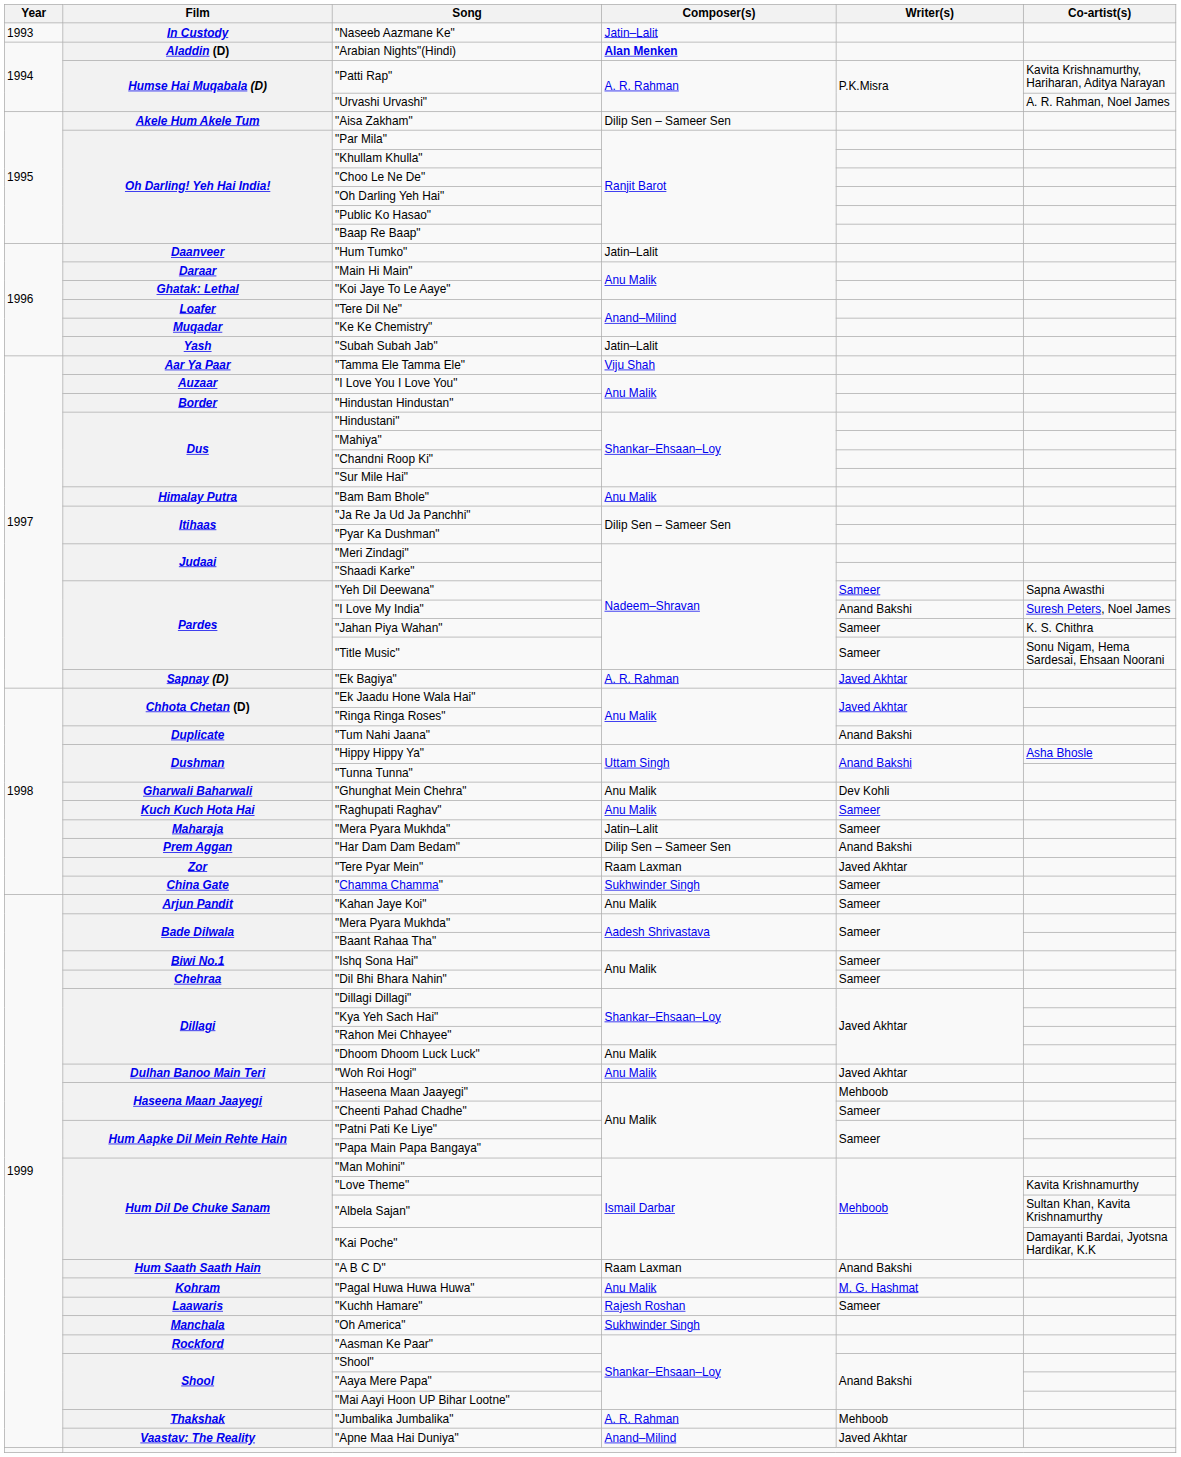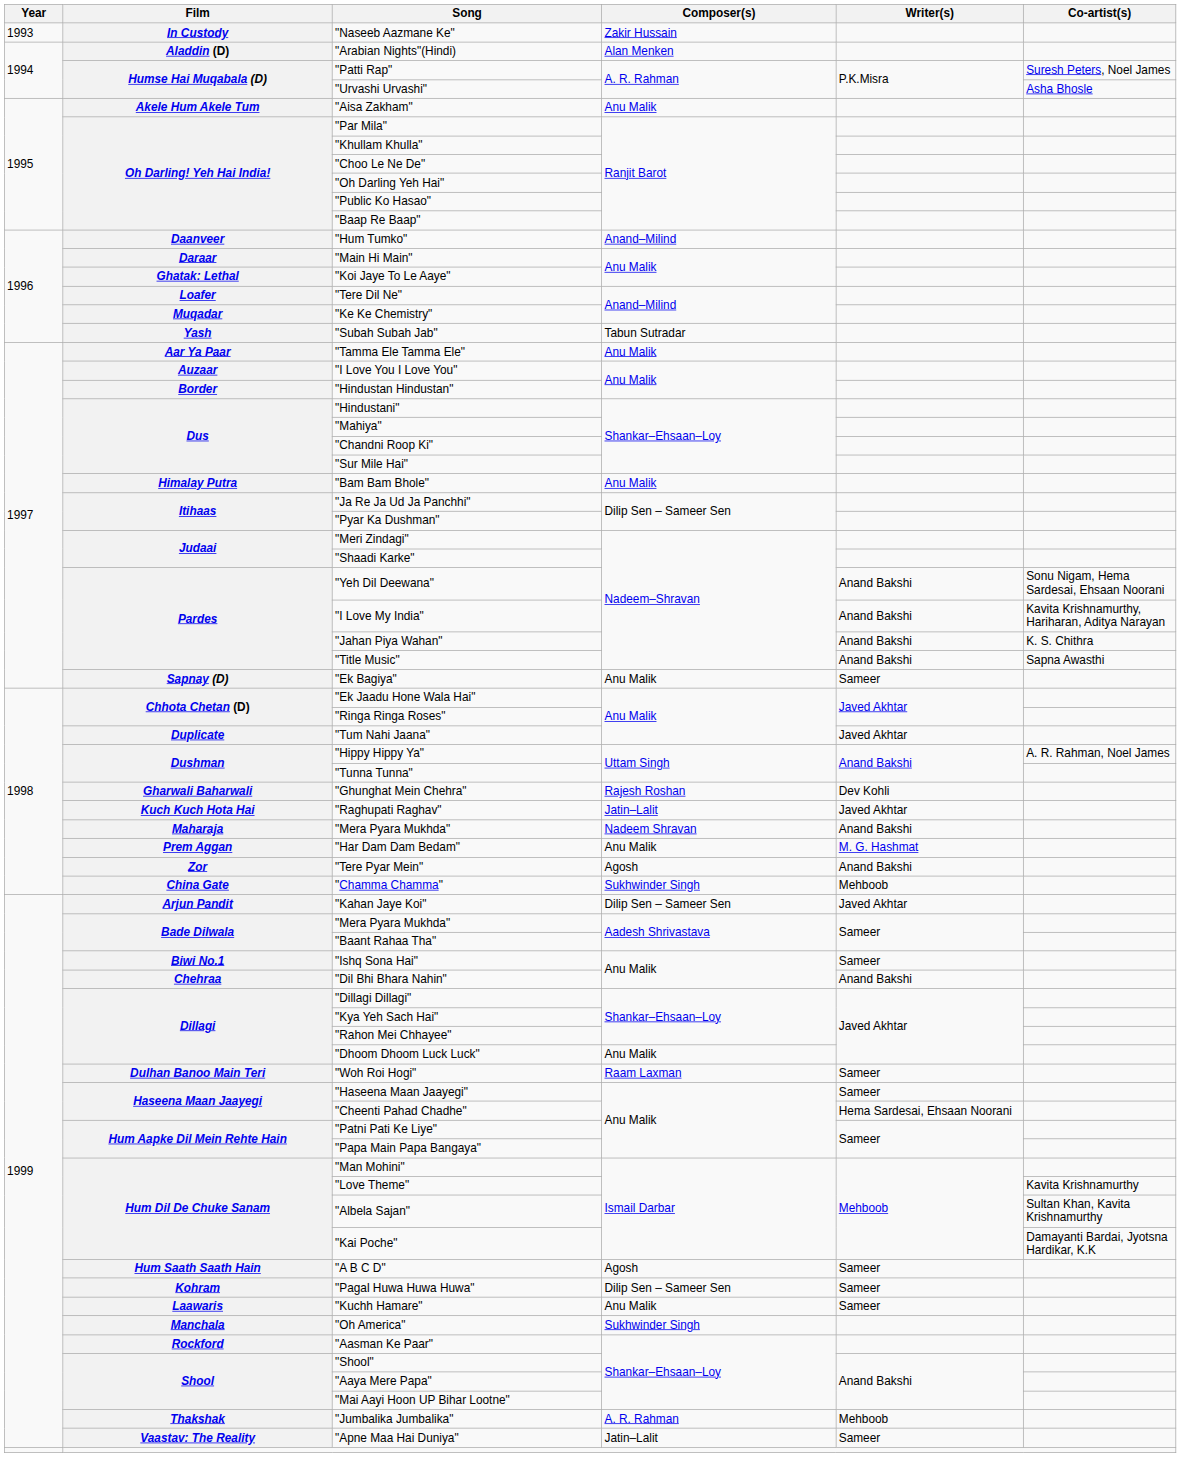 <table class="wikitable plainrowheaders" width="100%" textcolor:#000;">
 <tr style="background:#b0e0e66;">
 <th scope="col" width=5%><strong>Year</strong></th>
 <th scope="col" width=23%><strong>Film</strong></th>
 <th scope="col" width=23%><strong>Song</strong></th>
 <th scope="col" width=20%><strong>Composer(s)</strong></th>
 <th scope="col" width=16%><strong>Writer(s)</strong></th>
 <th><strong>Co-artist(s)</strong></th>
 </tr>
 <tr>
 <td>1993</td>
 <th><a href='#'><em>In Custody</em></a></th>
 <td>"Naseeb Aazmane Ke"</td>
-<td><a href='#'>Jatin–Lalit</a></td>
+<td><a href='#'>Zakir Hussain</a></td>
 <td></td>
 <td></td>
 </tr>
 <tr>
 <td rowspan="3">1994</td>
 <th><a href='#'><em>Aladdin</em></a> (D)</th>
 <td>"Arabian Nights"(Hindi)</td>
-<td><strong><a href='#'>Alan Menken</a></strong></td>
+<td><a href='#'>Alan Menken</a></td>
 <td></td>
 <td></td>
 </tr>
 <tr>
 <th rowspan="2"><em><a href='#'>Humse Hai Muqabala</a> (D)</em></th>
 <td>"Patti Rap"</td>
 <td rowspan="2"><a href='#'>A. R. Rahman</a></td>
 <td rowspan="2">P.K.Misra</td>
-<td>Kavita Krishnamurthy, Hariharan, Aditya Narayan</td>
+<td><a href='#'>Suresh Peters</a>, Noel James</td>
 </tr>
 <tr>
 <td>"Urvashi Urvashi"</td>
-<td>A. R. Rahman, Noel James</td>
+<td><a href='#'>Asha Bhosle</a></td>
 </tr>
 <tr>
 <td rowspan="7">1995</td>
 <th><em><a href='#'>Akele Hum Akele Tum</a></em></th>
 <td>"Aisa Zakham"</td>
-<td>Dilip Sen – Sameer Sen</td>
+<td><a href='#'>Anu Malik</a></td>
 <td></td>
 <td></td>
 </tr>
 <tr>
 <th rowspan="6"><em><a href='#'>Oh Darling! Yeh Hai India!</a></em></th>
 <td>"Par Mila"</td>
 <td rowspan="6"><a href='#'>Ranjit Barot</a></td>
 <td></td>
 <td></td>
 </tr>
 <tr>
 <td>"Khullam Khulla"</td>
 <td></td>
 <td></td>
 </tr>
 <tr>
 <td>"Choo Le Ne De"</td>
 <td></td>
 <td></td>
 </tr>
 <tr>
 <td>"Oh Darling Yeh Hai"</td>
 <td></td>
 <td></td>
 </tr>
 <tr>
 <td>"Public Ko Hasao"</td>
 <td></td>
 <td></td>
 </tr>
 <tr>
 <td>"Baap Re Baap"</td>
 <td></td>
 <td></td>
 </tr>
 <tr>
 <td rowspan="6">1996</td>
 <th><em><a href='#'>Daanveer</a></em></th>
 <td>"Hum Tumko"</td>
-<td>Jatin–Lalit</td>
+<td><a href='#'>Anand–Milind</a></td>
 <td></td>
 <td></td>
 </tr>
 <tr>
 <th><em><a href='#'>Daraar</a></em></th>
 <td>"Main Hi Main"</td>
 <td rowspan="2"><a href='#'>Anu Malik</a></td>
 <td></td>
 <td></td>
 </tr>
 <tr>
 <th><em><a href='#'>Ghatak: Lethal</a></em></th>
 <td>"Koi Jaye To Le Aaye"</td>
 <td></td>
 <td></td>
 </tr>
 <tr>
 <th><a href='#'><em>Loafer</em></a></th>
 <td>"Tere Dil Ne"</td>
 <td rowspan="2"><a href='#'>Anand–Milind</a></td>
 <td></td>
 <td></td>
 </tr>
 <tr>
 <th><em><a href='#'>Muqadar</a></em></th>
 <td>"Ke Ke Chemistry"</td>
 <td></td>
 <td></td>
 </tr>
 <tr>
 <th><em><a href='#'>Yash</a></em></th>
 <td>"Subah Subah Jab"</td>
-<td>Jatin–Lalit</td>
+<td>Tabun Sutradar</td>
 <td></td>
 <td></td>
 </tr>
 <tr>
 <td rowspan="17">1997</td>
 <th><em><a href='#'>Aar Ya Paar</a></em></th>
 <td>"Tamma Ele Tamma Ele"</td>
-<td><a href='#'>Viju Shah</a></td>
+<td><a href='#'>Anu Malik</a></td>
 <td></td>
 <td></td>
 </tr>
 <tr>
 <th><em><a href='#'>Auzaar</a></em></th>
 <td>"I Love You I Love You"</td>
 <td rowspan="2"><a href='#'>Anu Malik</a></td>
 <td></td>
 <td></td>
 </tr>
 <tr>
 <th><em><a href='#'>Border</a></em></th>
 <td>"Hindustan Hindustan"</td>
 <td></td>
 <td></td>
 </tr>
 <tr>
 <th rowspan="4"><em><a href='#'>Dus</a></em></th>
 <td>"Hindustani"</td>
 <td rowspan="4"><a href='#'>Shankar–Ehsaan–Loy</a></td>
 <td></td>
 <td></td>
 </tr>
 <tr>
 <td>"Mahiya"</td>
 <td></td>
 <td></td>
 </tr>
 <tr>
 <td>"Chandni Roop Ki"</td>
 <td></td>
 <td></td>
 </tr>
 <tr>
 <td>"Sur Mile Hai"</td>
 <td></td>
 <td></td>
 </tr>
 <tr>
 <th><em><a href='#'>Himalay Putra</a></em></th>
 <td>"Bam Bam Bhole"</td>
 <td><a href='#'>Anu Malik</a></td>
 <td></td>
 <td></td>
 </tr>
 <tr>
 <th rowspan="2"><a href='#'><em>Itihaas</em></a></th>
 <td>"Ja Re Ja Ud Ja Panchhi"</td>
 <td rowspan="2">Dilip Sen – Sameer Sen</td>
 <td></td>
 <td></td>
 </tr>
 <tr>
 <td>"Pyar Ka Dushman"</td>
 <td></td>
 <td></td>
 </tr>
 <tr>
 <th rowspan="2"><a href='#'><em>Judaai</em></a></th>
 <td>"Meri Zindagi"</td>
 <td rowspan="6"><a href='#'>Nadeem–Shravan</a></td>
 <td></td>
 <td></td>
 </tr>
 <tr>
 <td>"Shaadi Karke"</td>
 <td></td>
 <td></td>
 </tr>
 <tr>
 <th rowspan="4"><a href='#'><em>Pardes</em></a></th>
 <td>"Yeh Dil Deewana"</td>
-<td><a href='#'>Sameer</a></td>
-<td>Sapna Awasthi</td>
+<td>Anand Bakshi</td>
+<td>Sonu Nigam, Hema Sardesai, Ehsaan Noorani</td>
 </tr>
 <tr>
 <td>"I Love My India"</td>
 <td>Anand Bakshi</td>
-<td><a href='#'>Suresh Peters</a>, Noel James</td>
+<td>Kavita Krishnamurthy, Hariharan, Aditya Narayan</td>
 </tr>
 <tr>
 <td>"Jahan Piya Wahan"</td>
-<td>Sameer</td>
+<td>Anand Bakshi</td>
 <td>K. S. Chithra</td>
 </tr>
 <tr>
 <td>"Title Music"</td>
-<td>Sameer</td>
-<td>Sonu Nigam, Hema Sardesai, Ehsaan Noorani</td>
+<td>Anand Bakshi</td>
+<td>Sapna Awasthi</td>
 </tr>
 <tr>
 <th><em><a href='#'>Sapnay</a> (D)</em></th>
 <td>"Ek Bagiya"</td>
-<td><a href='#'>A. R. Rahman</a></td>
-<td><a href='#'>Javed Akhtar</a></td>
+<td>Anu Malik</td>
+<td>Sameer</td>
 <td></td>
 </tr>
 <tr>
 <td rowspan="11">1998</td>
 <th rowspan="2"><em><a href='#'>Chhota Chetan</a></em> (D)</th>
 <td>"Ek Jaadu Hone Wala Hai"</td>
 <td rowspan="3"><a href='#'>Anu Malik</a></td>
 <td rowspan="2"><a href='#'>Javed Akhtar</a></td>
 <td></td>
 </tr>
 <tr>
 <td>"Ringa Ringa Roses"</td>
 <td></td>
 </tr>
 <tr>
 <th><em><a href='#'>Duplicate</a></em></th>
 <td>"Tum Nahi Jaana"</td>
-<td>Anand Bakshi</td>
+<td>Javed Akhtar</td>
 <td></td>
 </tr>
 <tr>
 <th rowspan="2"><em><a href='#'>Dushman</a></em></th>
 <td>"Hippy Hippy Ya"</td>
 <td rowspan="2"><a href='#'>Uttam Singh</a></td>
 <td rowspan="2"><a href='#'>Anand Bakshi</a></td>
-<td><a href='#'>Asha Bhosle</a></td>
+<td>A. R. Rahman, Noel James</td>
 </tr>
 <tr>
 <td>"Tunna Tunna"</td>
 <td></td>
 </tr>
 <tr>
 <th><em><a href='#'>Gharwali Baharwali</a></em></th>
 <td>"Ghunghat Mein Chehra"</td>
-<td>Anu Malik</td>
+<td><a href='#'>Rajesh Roshan</a></td>
 <td>Dev Kohli</td>
 <td></td>
 </tr>
 <tr>
 <th><em><a href='#'>Kuch Kuch Hota Hai</a></em></th>
 <td>"Raghupati Raghav"</td>
-<td><a href='#'>Anu Malik</a></td>
-<td><a href='#'>Sameer</a></td>
+<td><a href='#'>Jatin–Lalit</a></td>
+<td>Javed Akhtar</td>
 <td></td>
 </tr>
 <tr>
 <th><em><a href='#'>Maharaja</a></em></th>
 <td>"Mera Pyara Mukhda"</td>
-<td>Jatin–Lalit</td>
-<td>Sameer</td>
+<td><a href='#'>Nadeem Shravan</a></td>
+<td>Anand Bakshi</td>
 <td></td>
 </tr>
 <tr>
 <th><em><a href='#'>Prem Aggan</a></em></th>
 <td>"Har Dam Dam Bedam"</td>
-<td>Dilip Sen – Sameer Sen</td>
-<td>Anand Bakshi</td>
+<td>Anu Malik</td>
+<td><a href='#'>M. G. Hashmat</a></td>
 <td></td>
 </tr>
 <tr>
 <th><em><a href='#'>Zor</a></em></th>
 <td>"Tere Pyar Mein"</td>
-<td>Raam Laxman</td>
-<td>Javed Akhtar</td>
+<td>Agosh</td>
+<td>Anand Bakshi</td>
 <td></td>
 </tr>
 <tr>
 <th><em><a href='#'>China Gate</a></em></th>
 <td>"<a href='#'>Chamma Chamma</a>"</td>
 <td><a href='#'>Sukhwinder Singh</a></td>
-<td>Sameer</td>
+<td>Mehboob</td>
 <td></td>
 </tr>
 <tr>
 <td rowspan="28">1999</td>
 <th><em><a href='#'>Arjun Pandit</a></em></th>
 <td>"Kahan Jaye Koi"</td>
-<td>Anu Malik</td>
-<td>Sameer</td>
+<td>Dilip Sen – Sameer Sen</td>
+<td>Javed Akhtar</td>
 <td></td>
 </tr>
 <tr>
 <th rowspan="2"><em><a href='#'>Bade Dilwala</a></em></th>
 <td>"Mera Pyara Mukhda"</td>
 <td rowspan="2"><a href='#'>Aadesh Shrivastava</a></td>
 <td rowspan="2">Sameer</td>
 <td></td>
 </tr>
 <tr>
 <td>"Baant Rahaa Tha"</td>
 <td></td>
 </tr>
 <tr>
 <th><em><a href='#'>Biwi No.1</a></em></th>
 <td>"Ishq Sona Hai"</td>
 <td rowspan="2">Anu Malik</td>
 <td>Sameer</td>
 <td></td>
 </tr>
 <tr>
 <th><em><a href='#'>Chehraa</a></em></th>
 <td>"Dil Bhi Bhara Nahin"</td>
-<td>Sameer</td>
+<td>Anand Bakshi</td>
 <td></td>
 </tr>
 <tr>
 <th rowspan="4"><em><a href='#'>Dillagi</a></em></th>
 <td>"Dillagi Dillagi"</td>
 <td rowspan="3"><a href='#'>Shankar–Ehsaan–Loy</a></td>
 <td rowspan="4">Javed Akhtar</td>
 <td></td>
 </tr>
 <tr>
 <td>"Kya Yeh Sach Hai"</td>
 <td></td>
 </tr>
 <tr>
 <td>"Rahon Mei Chhayee"</td>
 <td></td>
 </tr>
 <tr>
 <td>"Dhoom Dhoom Luck Luck"</td>
 <td>Anu Malik</td>
 <td></td>
 </tr>
 <tr>
 <th><em><a href='#'>Dulhan Banoo Main Teri</a></em></th>
 <td>"Woh Roi Hogi"</td>
-<td><a href='#'>Anu Malik</a></td>
-<td>Javed Akhtar</td>
+<td><a href='#'>Raam Laxman</a></td>
+<td>Sameer</td>
 <td></td>
 </tr>
 <tr>
 <th rowspan="2"><em><a href='#'>Haseena Maan Jaayegi</a></em></th>
 <td>"Haseena Maan Jaayegi"</td>
 <td rowspan="4">Anu Malik</td>
-<td>Mehboob</td>
+<td>Sameer</td>
 <td></td>
 </tr>
 <tr>
 <td>"Cheenti Pahad Chadhe"</td>
-<td>Sameer</td>
+<td>Hema Sardesai, Ehsaan Noorani</td>
 <td></td>
 </tr>
 <tr>
 <th rowspan="2"><em><a href='#'>Hum Aapke Dil Mein Rehte Hain</a></em></th>
 <td>"Patni Pati Ke Liye"</td>
 <td rowspan="2">Sameer</td>
 <td></td>
 </tr>
 <tr>
 <td>"Papa Main Papa Bangaya"</td>
 <td></td>
 </tr>
 <tr>
 <th rowspan="4"><em><a href='#'>Hum Dil De Chuke Sanam</a></em></th>
 <td>"Man Mohini"</td>
 <td rowspan="4"><a href='#'>Ismail Darbar</a></td>
 <td rowspan="4"><a href='#'>Mehboob</a></td>
 <td></td>
 </tr>
 <tr>
 <td>"Love Theme"</td>
 <td>Kavita Krishnamurthy</td>
 </tr>
 <tr>
 <td>"Albela Sajan"</td>
 <td>Sultan Khan, Kavita Krishnamurthy</td>
 </tr>
 <tr>
 <td>"Kai Poche"</td>
 <td>Damayanti Bardai, Jyotsna Hardikar, K.K</td>
 </tr>
 <tr>
 <th><em><a href='#'>Hum Saath Saath Hain</a></em></th>
 <td>"A B C D"</td>
-<td>Raam Laxman</td>
-<td>Anand Bakshi</td>
+<td>Agosh</td>
+<td>Sameer</td>
 <td></td>
 </tr>
 <tr>
 <th><em><a href='#'>Kohram</a></em></th>
 <td>"Pagal Huwa Huwa Huwa"</td>
-<td><a href='#'>Anu Malik</a></td>
-<td><a href='#'>M. G. Hashmat</a></td>
+<td>Dilip Sen – Sameer Sen</td>
+<td>Sameer</td>
 <td></td>
 </tr>
 <tr>
 <th><em><a href='#'>Laawaris</a></em></th>
 <td>"Kuchh Hamare"</td>
-<td><a href='#'>Rajesh Roshan</a></td>
+<td>Anu Malik</td>
 <td>Sameer</td>
 <td></td>
 </tr>
 <tr>
 <th><em><a href='#'>Manchala</a></em></th>
 <td>"Oh America"</td>
 <td><a href='#'>Sukhwinder Singh</a></td>
 <td></td>
 <td></td>
 </tr>
 <tr>
 <th><em><a href='#'>Rockford</a></em></th>
 <td>"Aasman Ke Paar"</td>
 <td rowspan="4"><a href='#'>Shankar–Ehsaan–Loy</a></td>
 <td></td>
 <td></td>
 </tr>
 <tr>
 <th rowspan="3"><em><a href='#'>Shool</a></em></th>
 <td>"Shool"</td>
 <td rowspan="3">Anand Bakshi</td>
 <td></td>
 </tr>
 <tr>
 <td>"Aaya Mere Papa"</td>
 <td></td>
 </tr>
 <tr>
 <td>"Mai Aayi Hoon UP Bihar Lootne"</td>
 <td></td>
 </tr>
 <tr>
 <th><em><a href='#'>Thakshak</a></em></th>
 <td>"Jumbalika Jumbalika"</td>
 <td><a href='#'>A. R. Rahman</a></td>
 <td>Mehboob</td>
 <td></td>
 </tr>
 <tr>
 <th><em><a href='#'>Vaastav: The Reality</a></em></th>
 <td>"Apne Maa Hai Duniya"</td>
-<td><a href='#'>Anand–Milind</a></td>
-<td>Javed Akhtar</td>
+<td>Jatin–Lalit</td>
+<td>Sameer</td>
 <td></td>
 </tr>
 <tr>
 <td></td>
 </tr>
 </table>
